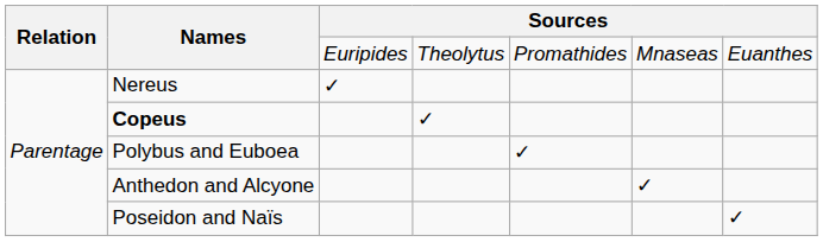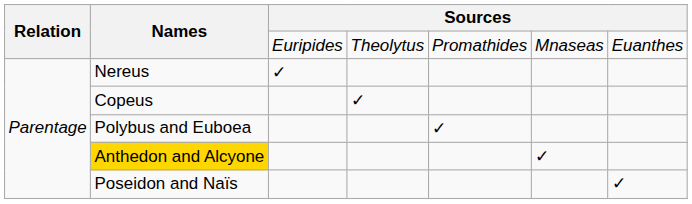 <table class="wikitable">
 <tr>
 <th rowspan="2">Relation</th>
 <th rowspan="2">Names</th>
 <th colspan="5">Sources</th>
 </tr>
 <tr>
 <td><em>Euripides</em></td>
 <td><em>Theolytus</em></td>
 <td><em>Promathides</em></td>
 <td><em>Mnaseas</em></td>
 <td><em>Euanthes</em></td>
 </tr>
 <tr>
 <td rowspan="5"><em>Parentage</em></td>
 <td>Nereus</td>
 <td>✓</td>
 <td></td>
 <td></td>
 <td></td>
 <td></td>
 </tr>
 <tr>
-<td><strong>Copeus</strong></td>
+<td>Copeus</td>
 <td></td>
 <td>✓</td>
 <td></td>
 <td></td>
 <td></td>
 </tr>
 <tr>
 <td>Polybus and Euboea</td>
 <td></td>
 <td></td>
 <td>✓</td>
 <td></td>
 <td></td>
 </tr>
 <tr>
-<td>Anthedon and Alcyone</td>
+<td style="background: gold;">Anthedon and Alcyone</td>
 <td></td>
 <td></td>
 <td></td>
 <td>✓</td>
 <td></td>
 </tr>
 <tr>
 <td>Poseidon and Naïs</td>
 <td></td>
 <td></td>
 <td></td>
 <td></td>
 <td>✓</td>
 </tr>
 </table>
